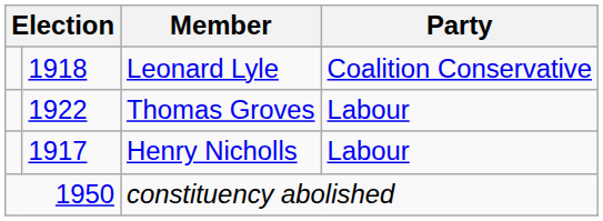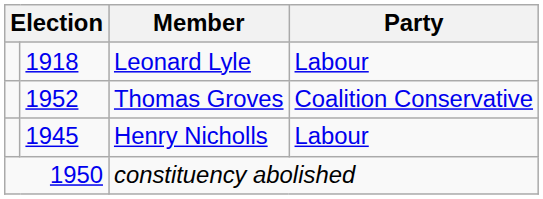 <table class="wikitable">
 <tr>
 <th colspan="2">Election</th>
 <th>Member</th>
 <th>Party</th>
 </tr>
 <tr>
 <td style="color:inherit;background-color: "></td>
 <td><a href='#'>1918</a></td>
 <td><a href='#'>Leonard Lyle</a></td>
+<td><a href='#'>Labour</a></td>
+</tr>
+<tr>
+<td style="color:inherit;background-color: "></td>
+<td><a href='#'>1952</a></td>
+<td><a href='#'>Thomas Groves</a></td>
 <td><a href='#'>Coalition Conservative</a></td>
 </tr>
 <tr>
 <td style="color:inherit;background-color: "></td>
-<td><a href='#'>1922</a></td>
-<td><a href='#'>Thomas Groves</a></td>
-<td><a href='#'>Labour</a></td>
-</tr>
-<tr>
-<td style="color:inherit;background-color: "></td>
-<td><a href='#'>1917</a></td>
+<td><a href='#'>1945</a></td>
 <td><a href='#'>Henry Nicholls</a></td>
 <td><a href='#'>Labour</a></td>
 </tr>
 <tr>
 <td colspan="2" align="right"><a href='#'>1950</a></td>
 <td colspan="2"><em>constituency abolished</em></td>
 </tr>
 </table>
